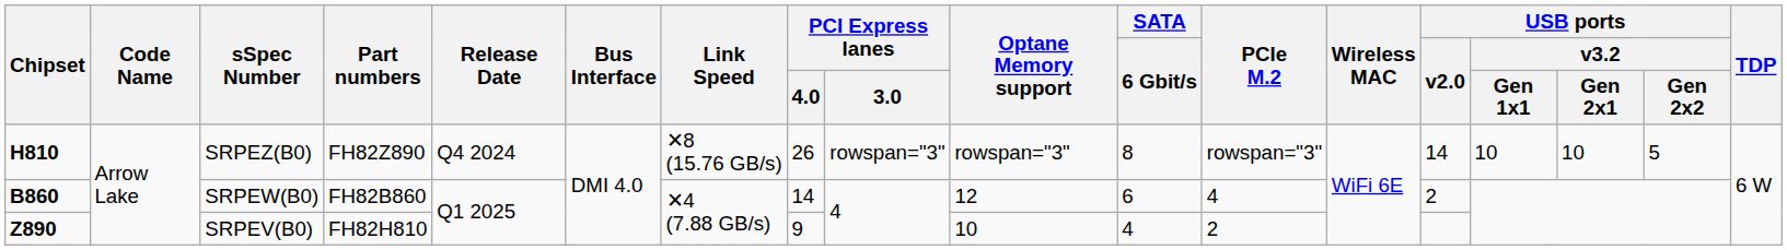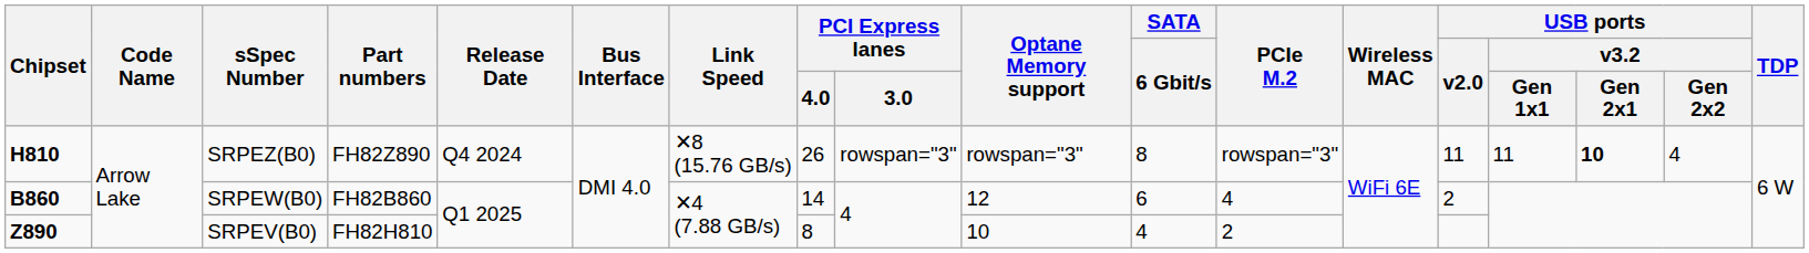 <table class="wikitable" style="font-size: 90%;">
 <tr>
 <th rowspan="3">Chipset</th>
 <th rowspan="3">Code<br>Name</th>
 <th rowspan="3">sSpec<br>Number</th>
 <th rowspan="3">Part<br>numbers</th>
 <th rowspan="3">Release Date</th>
 <th rowspan="3">Bus<br>Interface</th>
 <th rowspan="3">Link<br>Speed</th>
 <th rowspan="2" colspan="2"><a href='#'>PCI Express</a><br>lanes</th>
 <th rowspan="3"><a href='#'>Optane<br>Memory</a> support</th>
 <th><a href='#'>SATA</a></th>
 <th rowspan="3">PCIe<br><a href='#'>M.2</a></th>
 <th rowspan="3">Wireless<br>MAC</th>
 <th colspan="4"><a href='#'>USB</a> ports</th>
 <th rowspan="3"><a href='#'>TDP</a></th>
 </tr>
 <tr>
 <th rowspan="2">6 Gbit/s</th>
 <th rowspan="2">v2.0</th>
 <th colspan="3">v3.2</th>
 </tr>
 <tr>
 <th>4.0</th>
 <th>3.0</th>
 <th>Gen 1x1</th>
 <th>Gen 2x1</th>
 <th>Gen 2x2</th>
 </tr>
 <tr>
 <td><strong>H810</strong></td>
 <td rowspan="3">Arrow Lake</td>
 <td>SRPEZ(B0)</td>
 <td>FH82Z890</td>
 <td>Q4 2024</td>
 <td rowspan="3">DMI 4.0</td>
 <td>✕8<br>(15.76 GB/s)</td>
 <td>26</td>
 <td>rowspan="3" </td>
 <td>rowspan="3" </td>
 <td>8</td>
 <td>rowspan="3" </td>
 <td rowspan="3"><a href='#'>WiFi 6E</a></td>
-<td>14</td>
-<td>10</td>
-<td>10</td>
-<td>5</td>
+<td>11</td>
+<td>11</td>
+<td><strong>10</strong></td>
+<td>4</td>
 <td rowspan="3">6 W</td>
 </tr>
 <tr>
 <td><strong>B860</strong></td>
 <td>SRPEW(B0)</td>
 <td>FH82B860</td>
 <td rowspan="2">Q1 2025</td>
 <td rowspan="2">✕4<br>(7.88 GB/s)</td>
 <td>14</td>
 <td rowspan="3">4</td>
 <td>12</td>
 <td>6</td>
 <td>4</td>
 <td>2</td>
 </tr>
 <tr>
 <td><strong>Z890</strong></td>
 <td>SRPEV(B0)</td>
 <td>FH82H810</td>
-<td>9</td>
+<td>8</td>
 <td>10</td>
 <td>4</td>
 <td>2</td>
 <td></td>
 </tr>
 </table>
